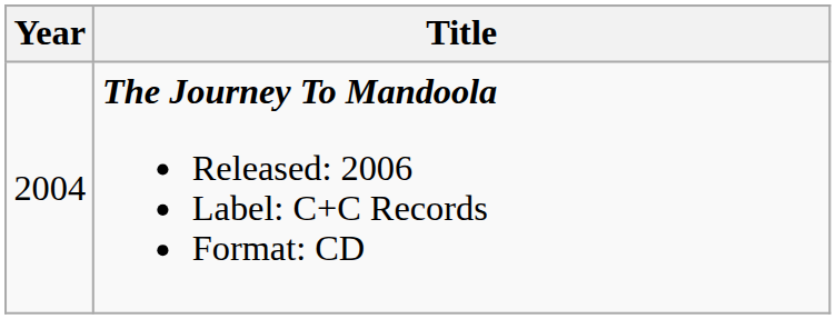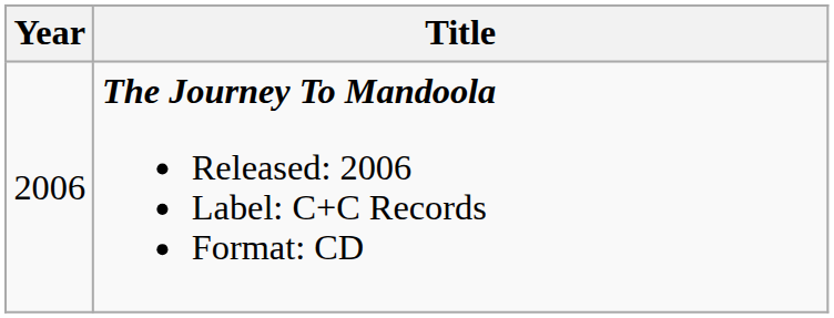 <table class="wikitable">
 <tr>
 <th>Year</th>
 <th style="width:225px;">Title</th>
 </tr>
 <tr>
-<td>2004</td>
+<td>2006</td>
 <td style="width:20em"><strong><em>The Journey To Mandoola</em></strong><br><ul><li>Released: 2006</li><li>Label: C+C Records </li><li>Format: CD</li></ul></td>
 </tr>
 </table>
